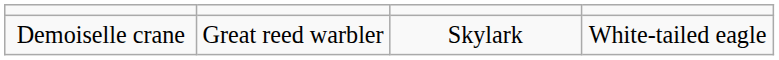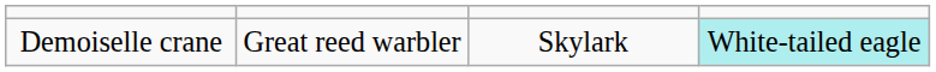 <table Class = "wikitable" style = "text-align: center">
 <tr>
 <td Width = "25%"></td>
 <td Width = "25%"></td>
 <td Width = "25%"></td>
 <td Width = "25%"></td>
 </tr>
 <tr>
 <td>Demoiselle crane</td>
 <td>Great reed warbler</td>
 <td>Skylark</td>
-<td>White-tailed eagle</td>
+<td style="background: paleturquoise;">White-tailed eagle</td>
 </tr>
 </table>
